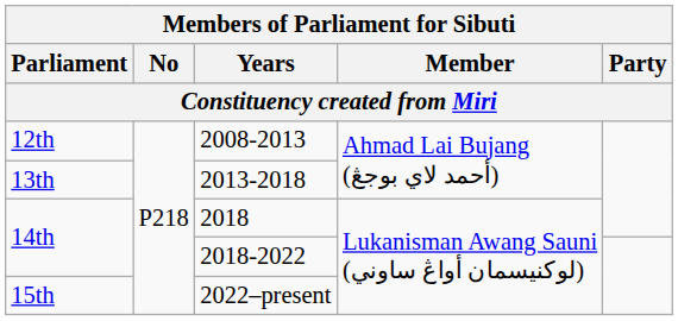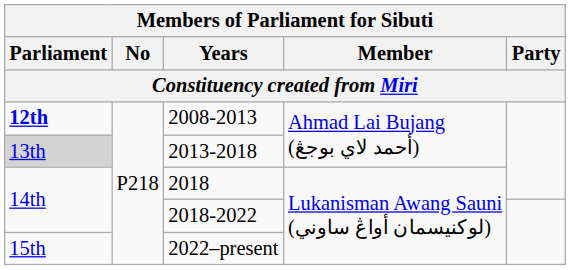 <table class=wikitable>
 <tr>
 <th colspan="5">Members of Parliament for Sibuti</th>
 </tr>
 <tr>
 <th>Parliament</th>
 <th>No</th>
 <th>Years</th>
 <th>Member</th>
 <th>Party</th>
 </tr>
 <tr>
 <th colspan="5" align="center"><em>Constituency created from <a href='#'>Miri</a></em></th>
 </tr>
 <tr>
-<td><a href='#'>12th</a></td>
+<td><strong><a href='#'>12th</a></strong></td>
 <td rowspan="5">P218</td>
 <td>2008-2013</td>
 <td rowspan=2><a href='#'>Ahmad Lai Bujang</a> <br> (أحمد لاي بوجڠ)</td>
 <td rowspan="3"></td>
 </tr>
 <tr>
-<td><a href='#'>13th</a></td>
+<td style="background: lightgrey;"><a href='#'>13th</a></td>
 <td>2013-2018</td>
 </tr>
 <tr>
 <td rowspan=2><a href='#'>14th</a></td>
 <td>2018</td>
 <td rowspan="3"><a href='#'>Lukanisman Awang Sauni</a> <br> (لوكنيسمان أواڠ ساوني)</td>
 </tr>
 <tr>
 <td>2018-2022</td>
 <td rowspan="2"></td>
 </tr>
 <tr>
 <td><a href='#'>15th</a></td>
 <td>2022–present</td>
 </tr>
 </table>
